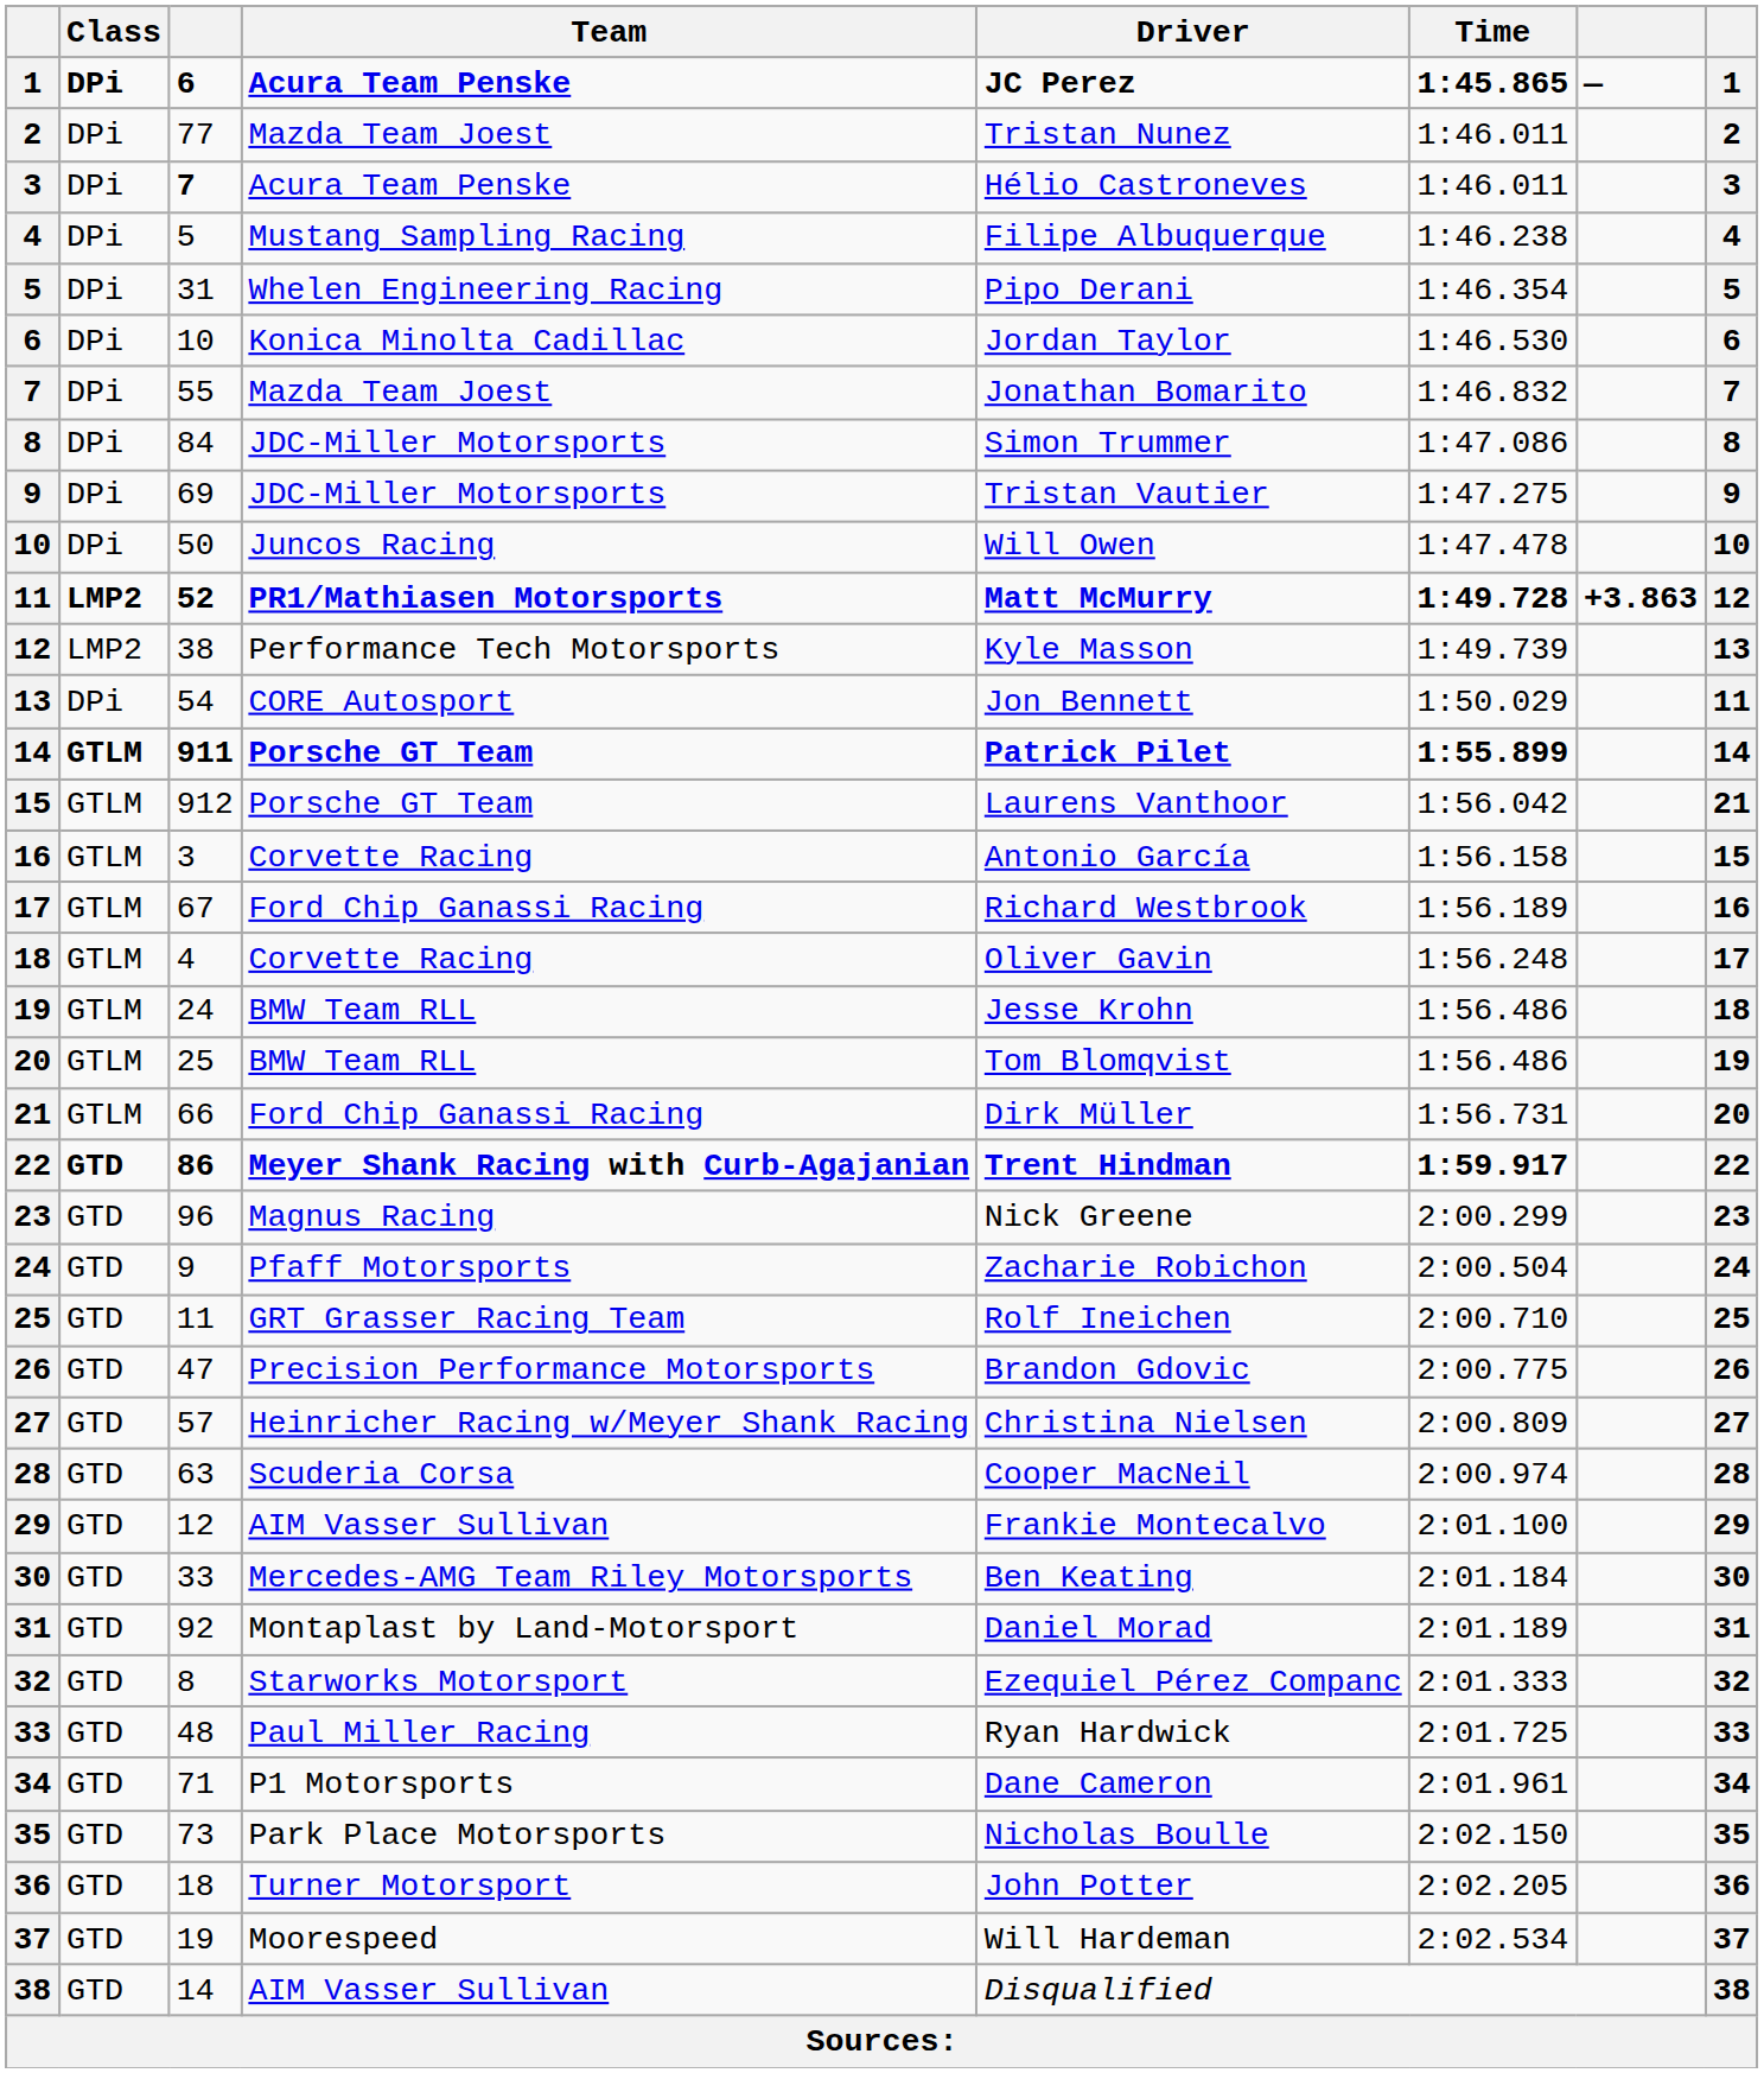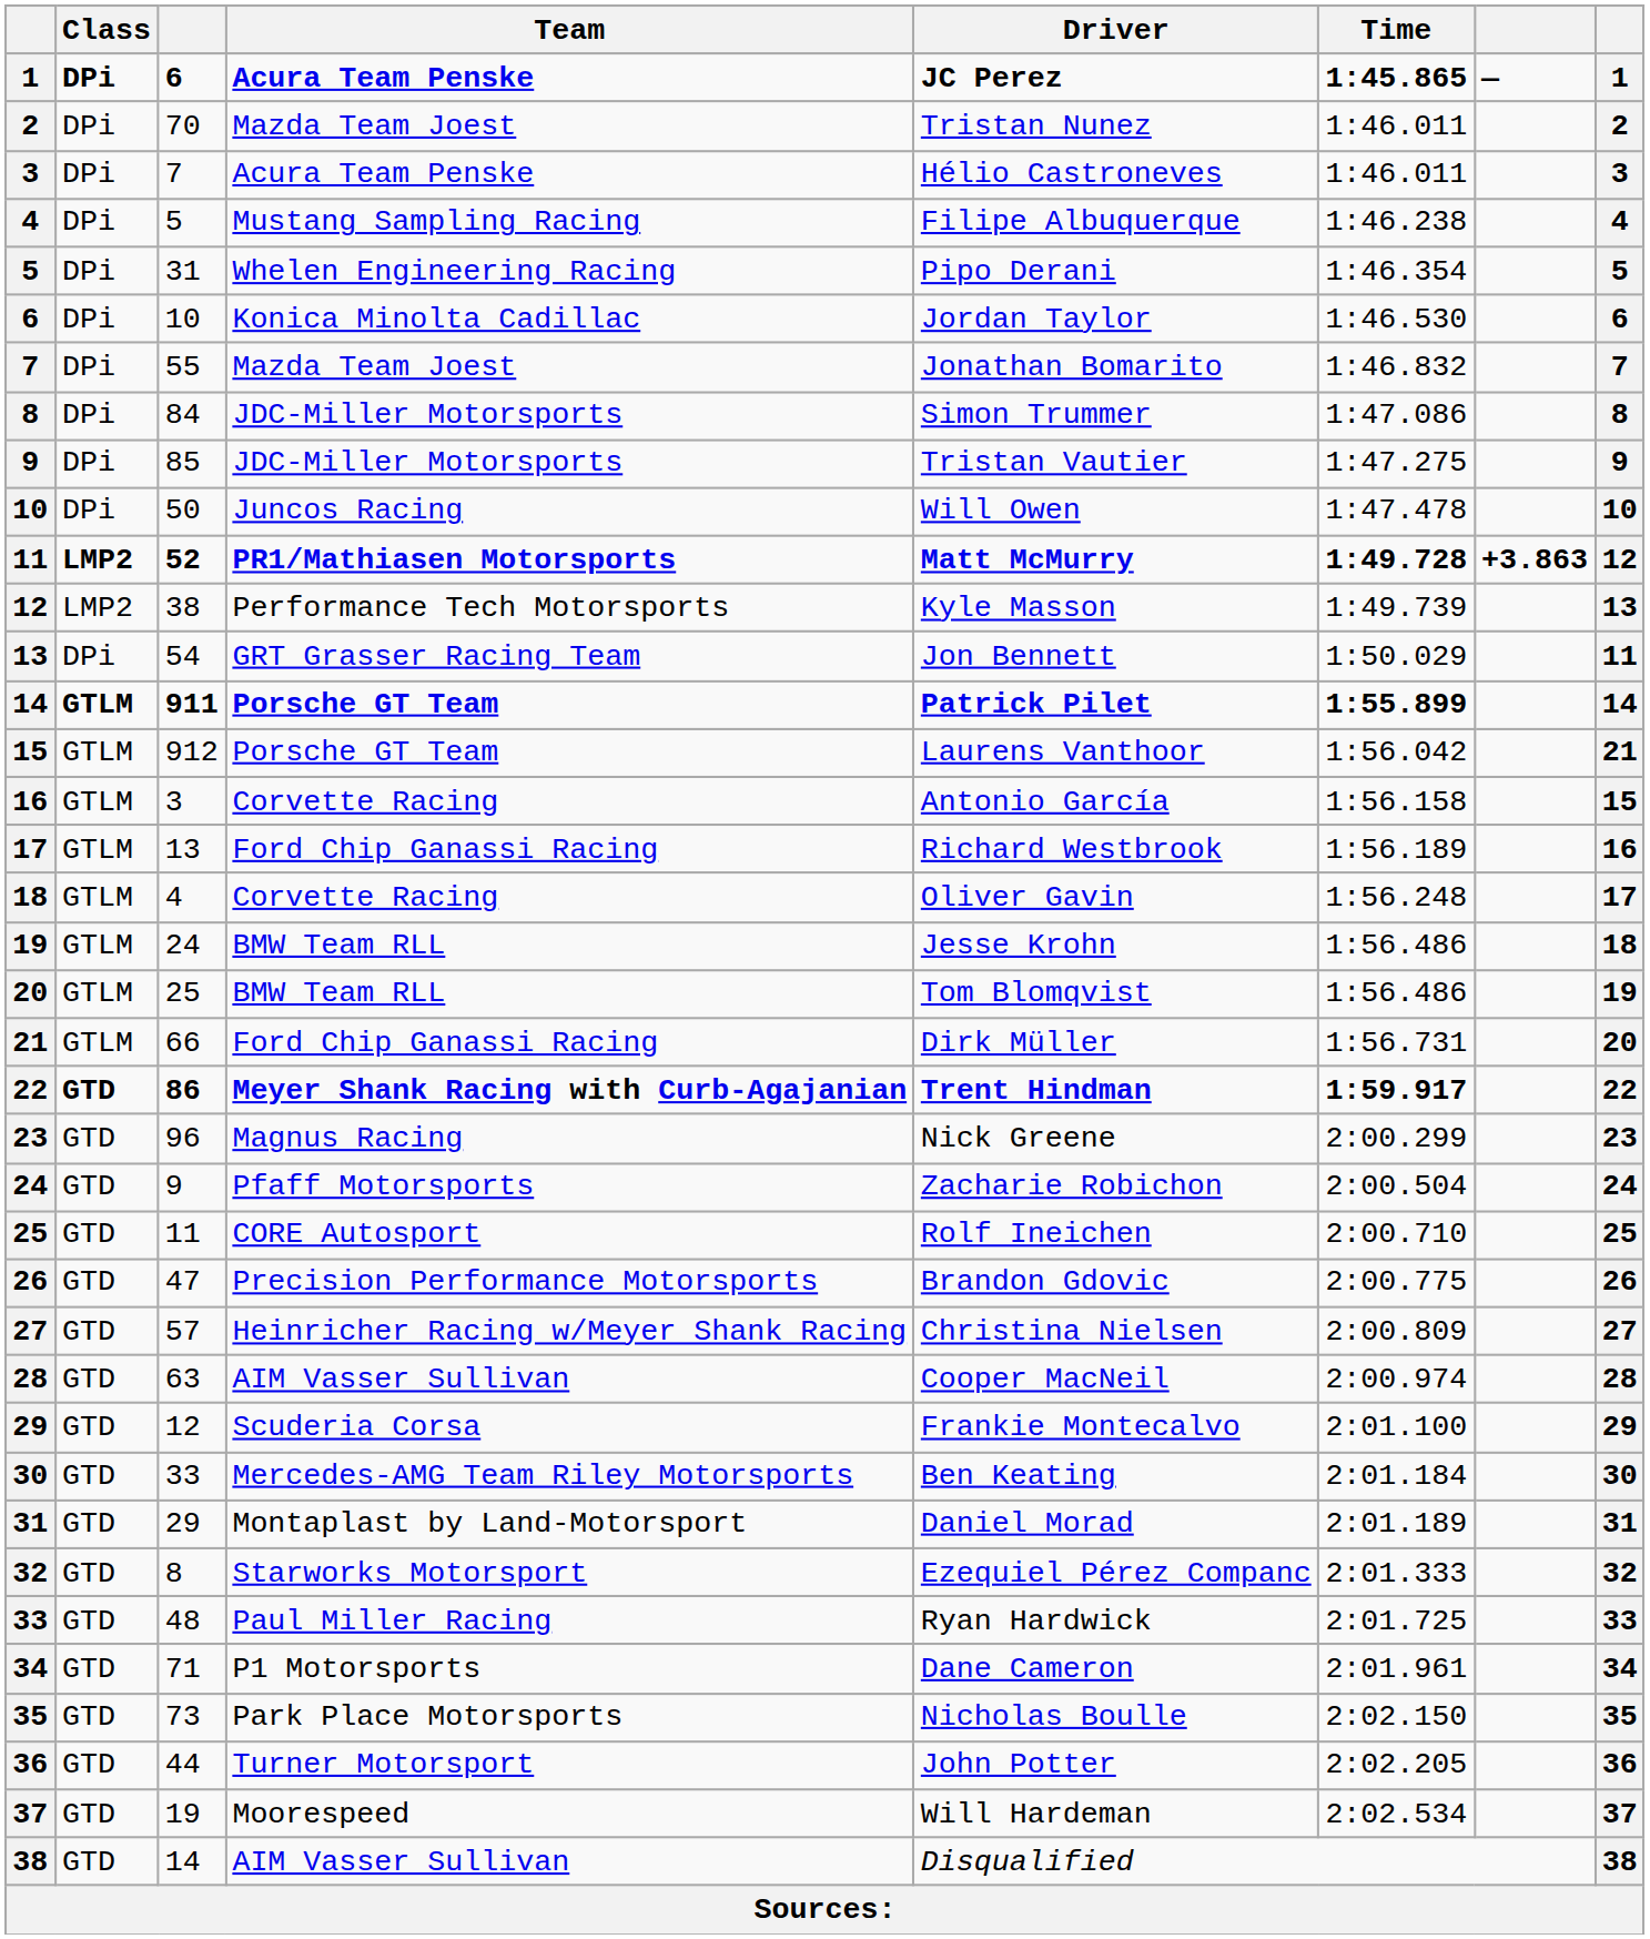 <table class="wikitable">
 <tr>
 <th scope="col"></th>
 <th scope="col">Class</th>
 <th scope="col"></th>
 <th scope="col">Team</th>
 <th scope="col">Driver</th>
 <th scope="col">Time</th>
 <th scope="col"></th>
 <th scope="col"></th>
 </tr>
 <tr style="font-weight:bold">
 <th scope="row">1</th>
 <td>DPi</td>
 <td>6</td>
 <td> <a href='#'>Acura Team Penske</a></td>
 <td> JC Perez</td>
 <td>1:45.865</td>
 <td>—</td>
 <th><strong>1</strong></th>
 </tr>
 <tr>
 <th scope="row">2</th>
 <td>DPi</td>
-<td>77</td>
+<td>70</td>
 <td> <a href='#'>Mazda Team Joest</a></td>
 <td> <a href='#'>Tristan Nunez</a></td>
 <td>1:46.011</td>
 <td></td>
 <th>2</th>
 </tr>
 <tr>
 <th scope="row">3</th>
 <td>DPi</td>
-<td><strong>7</strong></td>
+<td>7</td>
 <td> <a href='#'>Acura Team Penske</a></td>
 <td> <a href='#'>Hélio Castroneves</a></td>
 <td>1:46.011</td>
 <td></td>
 <th>3</th>
 </tr>
 <tr>
 <th scope="row">4</th>
 <td>DPi</td>
 <td>5</td>
 <td> <a href='#'>Mustang Sampling Racing</a></td>
 <td> <a href='#'>Filipe Albuquerque</a></td>
 <td>1:46.238</td>
 <td></td>
 <th>4</th>
 </tr>
 <tr>
 <th scope="row">5</th>
 <td>DPi</td>
 <td>31</td>
 <td> <a href='#'>Whelen Engineering Racing</a></td>
 <td> <a href='#'>Pipo Derani</a></td>
 <td>1:46.354</td>
 <td></td>
 <th>5</th>
 </tr>
 <tr>
 <th scope="row">6</th>
 <td>DPi</td>
 <td>10</td>
 <td> <a href='#'>Konica Minolta Cadillac</a></td>
 <td> <a href='#'>Jordan Taylor</a></td>
 <td>1:46.530</td>
 <td></td>
 <th>6</th>
 </tr>
 <tr>
 <th scope="row">7</th>
 <td>DPi</td>
 <td>55</td>
 <td> <a href='#'>Mazda Team Joest</a></td>
 <td> <a href='#'>Jonathan Bomarito</a></td>
 <td>1:46.832</td>
 <td></td>
 <th>7</th>
 </tr>
 <tr>
 <th scope="row">8</th>
 <td>DPi</td>
 <td>84</td>
 <td> <a href='#'>JDC-Miller Motorsports</a></td>
 <td> <a href='#'>Simon Trummer</a></td>
 <td>1:47.086</td>
 <td></td>
 <th>8</th>
 </tr>
 <tr>
 <th scope="row">9</th>
 <td>DPi</td>
-<td>69</td>
+<td>85</td>
 <td> <a href='#'>JDC-Miller Motorsports</a></td>
 <td> <a href='#'>Tristan Vautier</a></td>
 <td>1:47.275</td>
 <td></td>
 <th>9</th>
 </tr>
 <tr>
 <th scope="row">10</th>
 <td>DPi</td>
 <td>50</td>
 <td> <a href='#'>Juncos Racing</a></td>
 <td> <a href='#'>Will Owen</a></td>
 <td>1:47.478</td>
 <td></td>
 <th>10</th>
 </tr>
 <tr style="font-weight:bold">
 <th scope="row">11</th>
 <td>LMP2</td>
 <td>52</td>
 <td> <a href='#'>PR1/Mathiasen Motorsports</a></td>
 <td> <a href='#'>Matt McMurry</a></td>
 <td>1:49.728</td>
 <td>+3.863</td>
 <th><strong>12</strong></th>
 </tr>
 <tr>
 <th scope="row">12</th>
 <td>LMP2</td>
 <td>38</td>
 <td> Performance Tech Motorsports</td>
 <td> <a href='#'>Kyle Masson</a></td>
 <td>1:49.739</td>
 <td></td>
 <th>13</th>
 </tr>
 <tr>
 <th scope="row">13</th>
 <td>DPi</td>
 <td>54</td>
-<td> <a href='#'>CORE Autosport</a></td>
+<td> <a href='#'>GRT Grasser Racing Team</a></td>
 <td> <a href='#'>Jon Bennett</a></td>
 <td>1:50.029</td>
 <td></td>
 <th>11</th>
 </tr>
 <tr style="font-weight:bold">
 <th scope="row">14</th>
 <td>GTLM</td>
 <td>911</td>
 <td> <a href='#'>Porsche GT Team</a></td>
 <td> <a href='#'>Patrick Pilet</a></td>
 <td>1:55.899</td>
 <td></td>
 <th>14</th>
 </tr>
 <tr>
 <th scope="row">15</th>
 <td>GTLM</td>
 <td>912</td>
 <td> <a href='#'>Porsche GT Team</a></td>
 <td> <a href='#'>Laurens Vanthoor</a></td>
 <td>1:56.042</td>
 <td></td>
 <th>21<small></small></th>
 </tr>
 <tr>
 <th scope="row">16</th>
 <td>GTLM</td>
 <td>3</td>
 <td> <a href='#'>Corvette Racing</a></td>
 <td> <a href='#'>Antonio García</a></td>
 <td>1:56.158</td>
 <td></td>
 <th>15</th>
 </tr>
 <tr>
 <th scope="row">17</th>
 <td>GTLM</td>
-<td>67</td>
+<td>13</td>
 <td> <a href='#'>Ford Chip Ganassi Racing</a></td>
 <td> <a href='#'>Richard Westbrook</a></td>
 <td>1:56.189</td>
 <td></td>
 <th>16</th>
 </tr>
 <tr>
 <th scope="row">18</th>
 <td>GTLM</td>
 <td>4</td>
 <td> <a href='#'>Corvette Racing</a></td>
 <td> <a href='#'>Oliver Gavin</a></td>
 <td>1:56.248</td>
 <td></td>
 <th>17</th>
 </tr>
 <tr>
 <th scope="row">19</th>
 <td>GTLM</td>
 <td>24</td>
 <td> <a href='#'>BMW Team RLL</a></td>
 <td> <a href='#'>Jesse Krohn</a></td>
 <td>1:56.486</td>
 <td></td>
 <th>18</th>
 </tr>
 <tr>
 <th scope="row">20</th>
 <td>GTLM</td>
 <td>25</td>
 <td> <a href='#'>BMW Team RLL</a></td>
 <td> <a href='#'>Tom Blomqvist</a></td>
 <td>1:56.486</td>
 <td></td>
 <th>19</th>
 </tr>
 <tr>
 <th scope="row">21</th>
 <td>GTLM</td>
 <td>66</td>
 <td> <a href='#'>Ford Chip Ganassi Racing</a></td>
 <td> <a href='#'>Dirk Müller</a></td>
 <td>1:56.731</td>
 <td></td>
 <th>20</th>
 </tr>
 <tr style="font-weight:bold">
 <th scope="row">22</th>
 <td>GTD</td>
 <td>86</td>
 <td> <a href='#'>Meyer Shank Racing</a> with <a href='#'>Curb-Agajanian</a></td>
 <td> <a href='#'>Trent Hindman</a></td>
 <td>1:59.917</td>
 <td></td>
 <th>22</th>
 </tr>
 <tr>
 <th scope="row">23</th>
 <td>GTD</td>
 <td>96</td>
 <td> <a href='#'>Magnus Racing</a></td>
 <td> Nick Greene</td>
 <td>2:00.299</td>
 <td></td>
 <th>23</th>
 </tr>
 <tr>
 <th scope="row">24</th>
 <td>GTD</td>
 <td>9</td>
 <td> <a href='#'>Pfaff Motorsports</a></td>
 <td> <a href='#'>Zacharie Robichon</a></td>
 <td>2:00.504</td>
 <td></td>
 <th>24</th>
 </tr>
 <tr>
 <th scope="row">25</th>
 <td>GTD</td>
 <td>11</td>
-<td> <a href='#'>GRT Grasser Racing Team</a></td>
+<td> <a href='#'>CORE Autosport</a></td>
 <td> <a href='#'>Rolf Ineichen</a></td>
 <td>2:00.710</td>
 <td></td>
 <th>25</th>
 </tr>
 <tr>
 <th scope="row">26</th>
 <td>GTD</td>
 <td>47</td>
 <td> <a href='#'>Precision Performance Motorsports</a></td>
 <td> <a href='#'>Brandon Gdovic</a></td>
 <td>2:00.775</td>
 <td></td>
 <th>26</th>
 </tr>
 <tr>
 <th scope="row">27</th>
 <td>GTD</td>
 <td>57</td>
 <td> <a href='#'>Heinricher Racing w/Meyer Shank Racing</a></td>
 <td> <a href='#'>Christina Nielsen</a></td>
 <td>2:00.809</td>
 <td></td>
 <th>27</th>
 </tr>
 <tr>
 <th scope="row">28</th>
 <td>GTD</td>
 <td>63</td>
-<td> <a href='#'>Scuderia Corsa</a></td>
+<td> <a href='#'>AIM Vasser Sullivan</a></td>
 <td> <a href='#'>Cooper MacNeil</a></td>
 <td>2:00.974</td>
 <td></td>
 <th>28</th>
 </tr>
 <tr>
 <th scope="row">29</th>
 <td>GTD</td>
 <td>12</td>
-<td> <a href='#'>AIM Vasser Sullivan</a></td>
+<td> <a href='#'>Scuderia Corsa</a></td>
 <td> <a href='#'>Frankie Montecalvo</a></td>
 <td>2:01.100</td>
 <td></td>
 <th>29</th>
 </tr>
 <tr>
 <th scope="row">30</th>
 <td>GTD</td>
 <td>33</td>
 <td> <a href='#'>Mercedes-AMG Team Riley Motorsports</a></td>
 <td> <a href='#'>Ben Keating</a></td>
 <td>2:01.184</td>
 <td></td>
 <th>30</th>
 </tr>
 <tr>
 <th scope="row">31</th>
 <td>GTD</td>
-<td>92</td>
+<td>29</td>
 <td> Montaplast by Land-Motorsport</td>
 <td> <a href='#'>Daniel Morad</a></td>
 <td>2:01.189</td>
 <td></td>
 <th>31</th>
 </tr>
 <tr>
 <th scope="row">32</th>
 <td>GTD</td>
 <td>8</td>
 <td> <a href='#'>Starworks Motorsport</a></td>
 <td> <a href='#'>Ezequiel Pérez Companc</a></td>
 <td>2:01.333</td>
 <td></td>
 <th>32</th>
 </tr>
 <tr>
 <th scope="row">33</th>
 <td>GTD</td>
 <td>48</td>
 <td> <a href='#'>Paul Miller Racing</a></td>
 <td> Ryan Hardwick</td>
 <td>2:01.725</td>
 <td></td>
 <th>33</th>
 </tr>
 <tr>
 <th scope="row">34</th>
 <td>GTD</td>
 <td>71</td>
 <td> P1 Motorsports</td>
 <td> <a href='#'>Dane Cameron</a></td>
 <td>2:01.961</td>
 <td></td>
 <th>34</th>
 </tr>
 <tr>
 <th scope="row">35</th>
 <td>GTD</td>
 <td>73</td>
 <td> Park Place Motorsports</td>
 <td> <a href='#'>Nicholas Boulle</a></td>
 <td>2:02.150</td>
 <td></td>
 <th>35</th>
 </tr>
 <tr>
 <th scope="row">36</th>
 <td>GTD</td>
-<td>18</td>
+<td>44</td>
 <td> <a href='#'>Turner Motorsport</a></td>
 <td> <a href='#'>John Potter</a></td>
 <td>2:02.205</td>
 <td></td>
 <th>36</th>
 </tr>
 <tr>
 <th scope="row">37</th>
 <td>GTD</td>
 <td>19</td>
 <td> Moorespeed</td>
 <td> Will Hardeman</td>
 <td>2:02.534</td>
 <td></td>
 <th>37</th>
 </tr>
 <tr>
 <th scope="row">38</th>
 <td>GTD</td>
 <td>14</td>
 <td> <a href='#'>AIM Vasser Sullivan</a></td>
 <td colspan="3"><em>Disqualified</em></td>
 <th>38</th>
 </tr>
 <tr>
 <th colspan="8">Sources:</th>
 </tr>
 <tr>
 </tr>
 </table>
